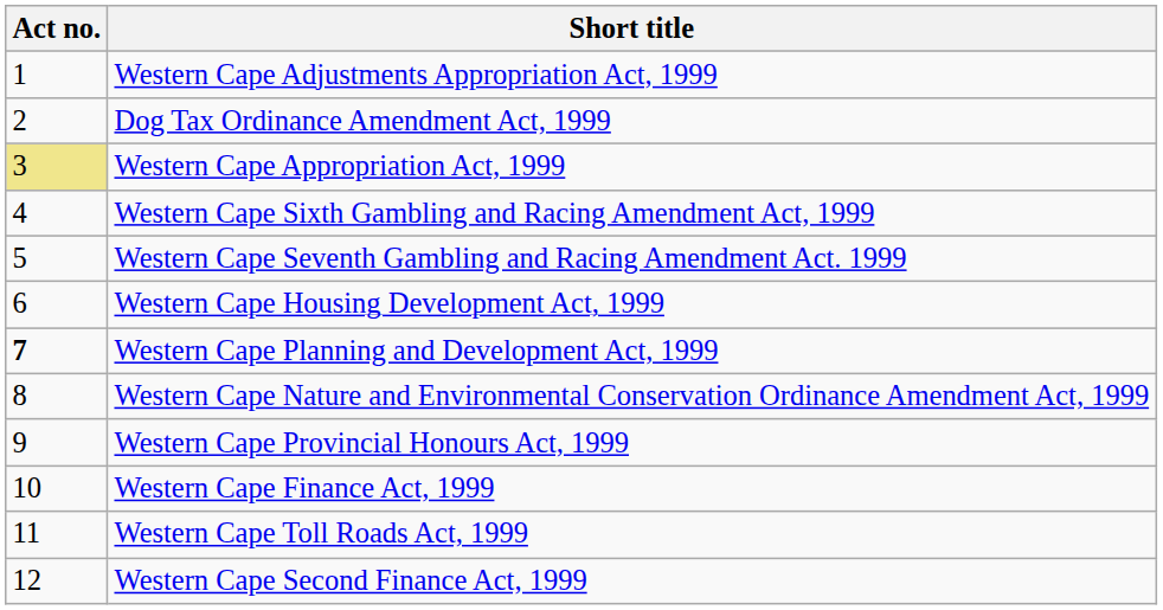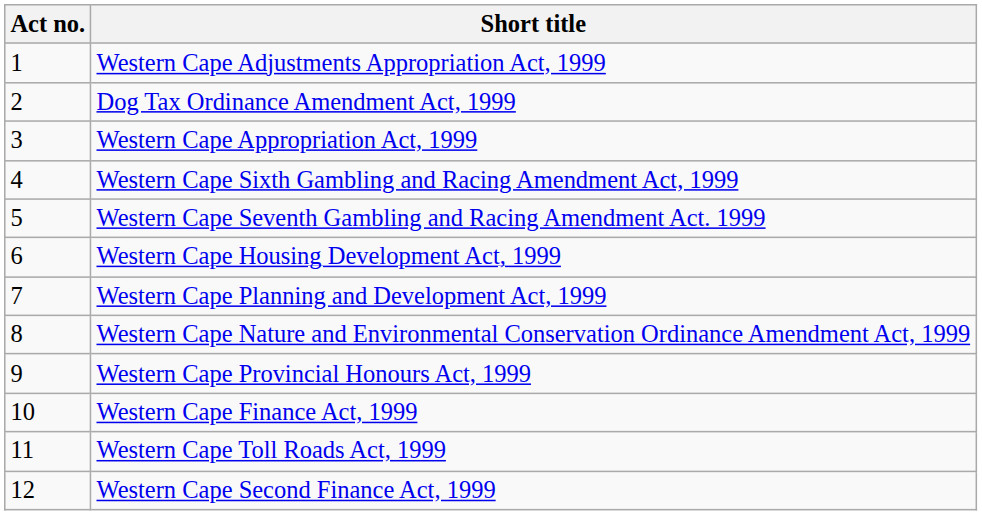 <table class="wikitable">
 <tr>
 <th>Act no.</th>
 <th>Short title</th>
 </tr>
 <tr>
 <td>1</td>
 <td><a href='#'>Western Cape Adjustments Appropriation Act, 1999</a></td>
 </tr>
 <tr>
 <td>2</td>
 <td><a href='#'>Dog Tax Ordinance Amendment Act, 1999</a></td>
 </tr>
 <tr>
-<td style="background: khaki;">3</td>
+<td>3</td>
 <td><a href='#'>Western Cape Appropriation Act, 1999</a></td>
 </tr>
 <tr>
 <td>4</td>
 <td><a href='#'>Western Cape Sixth Gambling and Racing Amendment Act, 1999</a></td>
 </tr>
 <tr>
 <td>5</td>
 <td><a href='#'>Western Cape Seventh Gambling and Racing Amendment Act. 1999</a></td>
 </tr>
 <tr>
 <td>6</td>
 <td><a href='#'>Western Cape Housing Development Act, 1999</a></td>
 </tr>
 <tr>
-<td><strong>7</strong></td>
+<td>7</td>
 <td><a href='#'>Western Cape Planning and Development Act, 1999</a></td>
 </tr>
 <tr>
 <td>8</td>
 <td><a href='#'>Western Cape Nature and Environmental Conservation Ordinance Amendment Act, 1999</a></td>
 </tr>
 <tr>
 <td>9</td>
 <td><a href='#'>Western Cape Provincial Honours Act, 1999</a></td>
 </tr>
 <tr>
 <td>10</td>
 <td><a href='#'>Western Cape Finance Act, 1999</a></td>
 </tr>
 <tr>
 <td>11</td>
 <td><a href='#'>Western Cape Toll Roads Act, 1999</a></td>
 </tr>
 <tr>
 <td>12</td>
 <td><a href='#'>Western Cape Second Finance Act, 1999</a></td>
 </tr>
 </table>
